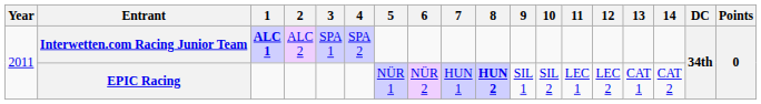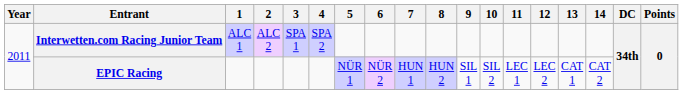 <table class="wikitable" style="text-align:center; font-size:85%">
 <tr>
 <th>Year</th>
 <th>Entrant</th>
 <th>1</th>
 <th>2</th>
 <th>3</th>
 <th>4</th>
 <th>5</th>
 <th>6</th>
 <th>7</th>
 <th>8</th>
 <th>9</th>
 <th>10</th>
 <th>11</th>
 <th>12</th>
 <th>13</th>
 <th>14</th>
 <th>DC</th>
 <th>Points</th>
 </tr>
 <tr>
 <td rowspan="2"><a href='#'>2011</a></td>
 <th nowrap><a href='#'>Interwetten.com Racing Junior Team</a></th>
-<td style="background:#cfcfff;"><strong><a href='#'>ALC<br>1</a><br></strong></td>
+<td style="background:#cfcfff;"><a href='#'>ALC<br>1</a><br></td>
 <td style="background:#efcfff;"><a href='#'>ALC<br>2</a><br></td>
 <td style="background:#cfcfff;"><a href='#'>SPA<br>1</a><br></td>
 <td style="background:#cfcfff;"><a href='#'>SPA<br>2</a><br></td>
 <td></td>
 <td></td>
 <td></td>
 <td></td>
 <td></td>
 <td></td>
 <td></td>
 <td></td>
 <td></td>
 <td></td>
 <th rowspan="2">34th</th>
 <th rowspan="2">0</th>
 </tr>
 <tr>
 <th nowrap><a href='#'>EPIC Racing</a></th>
 <td></td>
 <td></td>
 <td></td>
 <td></td>
 <td style="background:#cfcfff;"><a href='#'>NÜR<br>1</a><br></td>
 <td style="background:#efcfff;"><a href='#'>NÜR<br>2</a><br></td>
 <td style="background:#cfcfff;"><a href='#'>HUN<br>1</a><br></td>
-<td style="background:#cfcfff;"><strong><a href='#'>HUN<br>2</a><br></strong></td>
+<td style="background:#cfcfff;"><a href='#'>HUN<br>2</a><br></td>
 <td style="background:#;"><a href='#'>SIL<br>1</a><br></td>
 <td style="background:#;"><a href='#'>SIL<br>2</a><br></td>
 <td style="background:#;"><a href='#'>LEC<br>1</a><br></td>
 <td style="background:#;"><a href='#'>LEC<br>2</a><br></td>
 <td style="background:#;"><a href='#'>CAT<br>1</a><br></td>
 <td style="background:#;"><a href='#'>CAT<br>2</a><br></td>
 </tr>
 </table>
